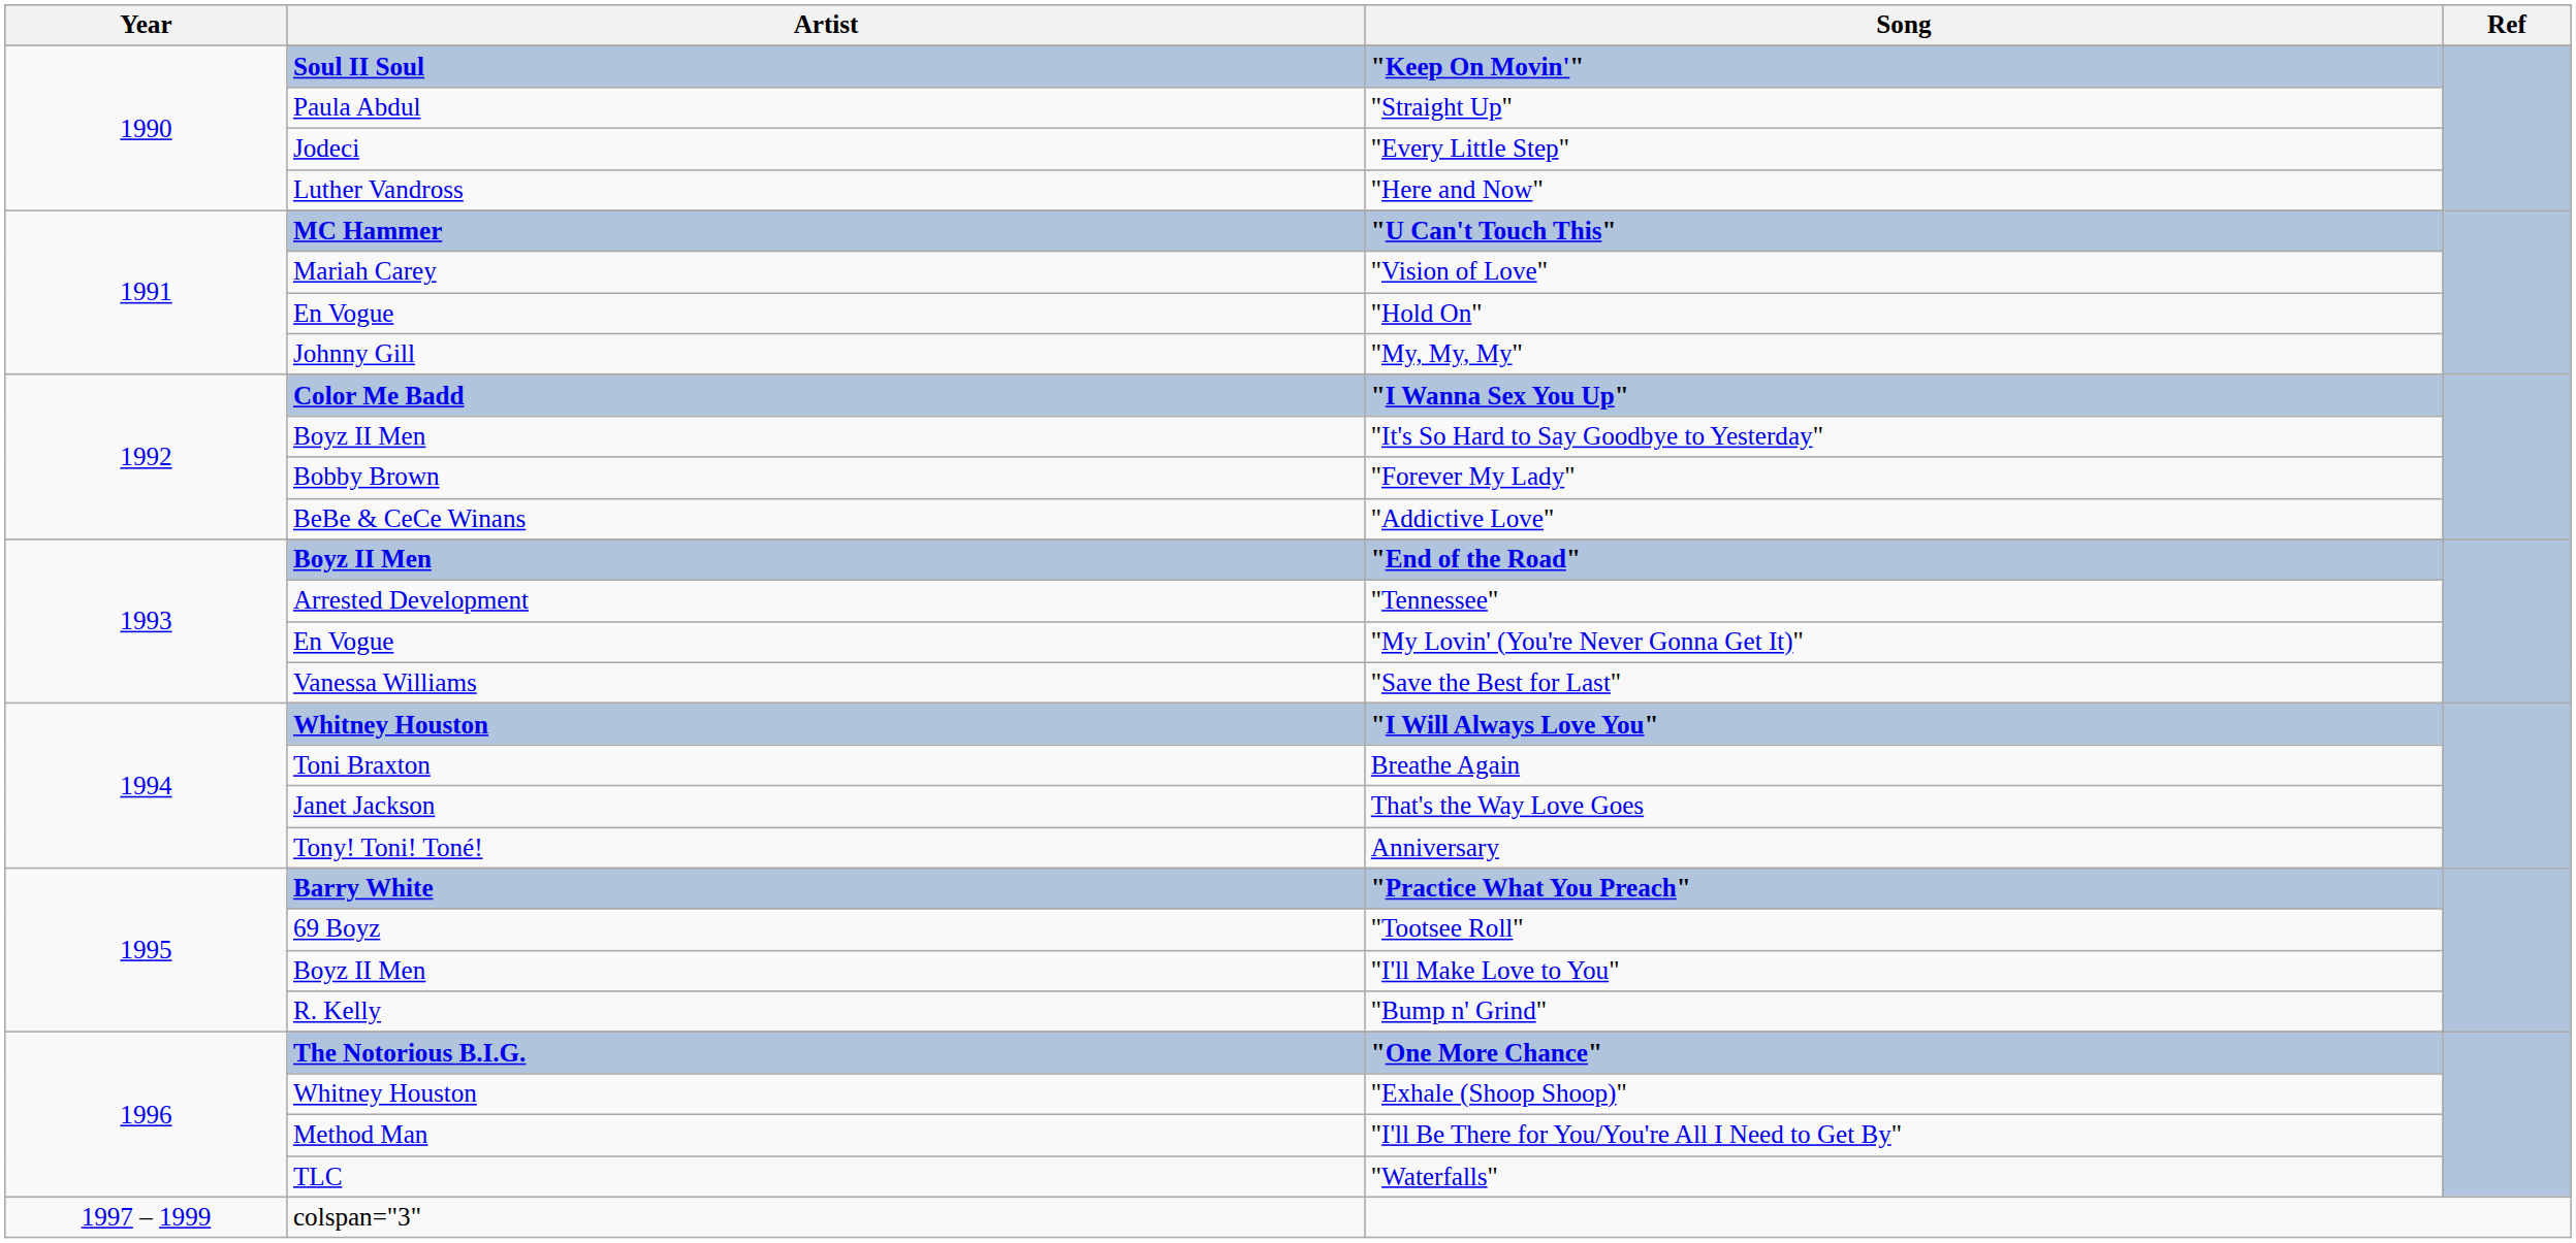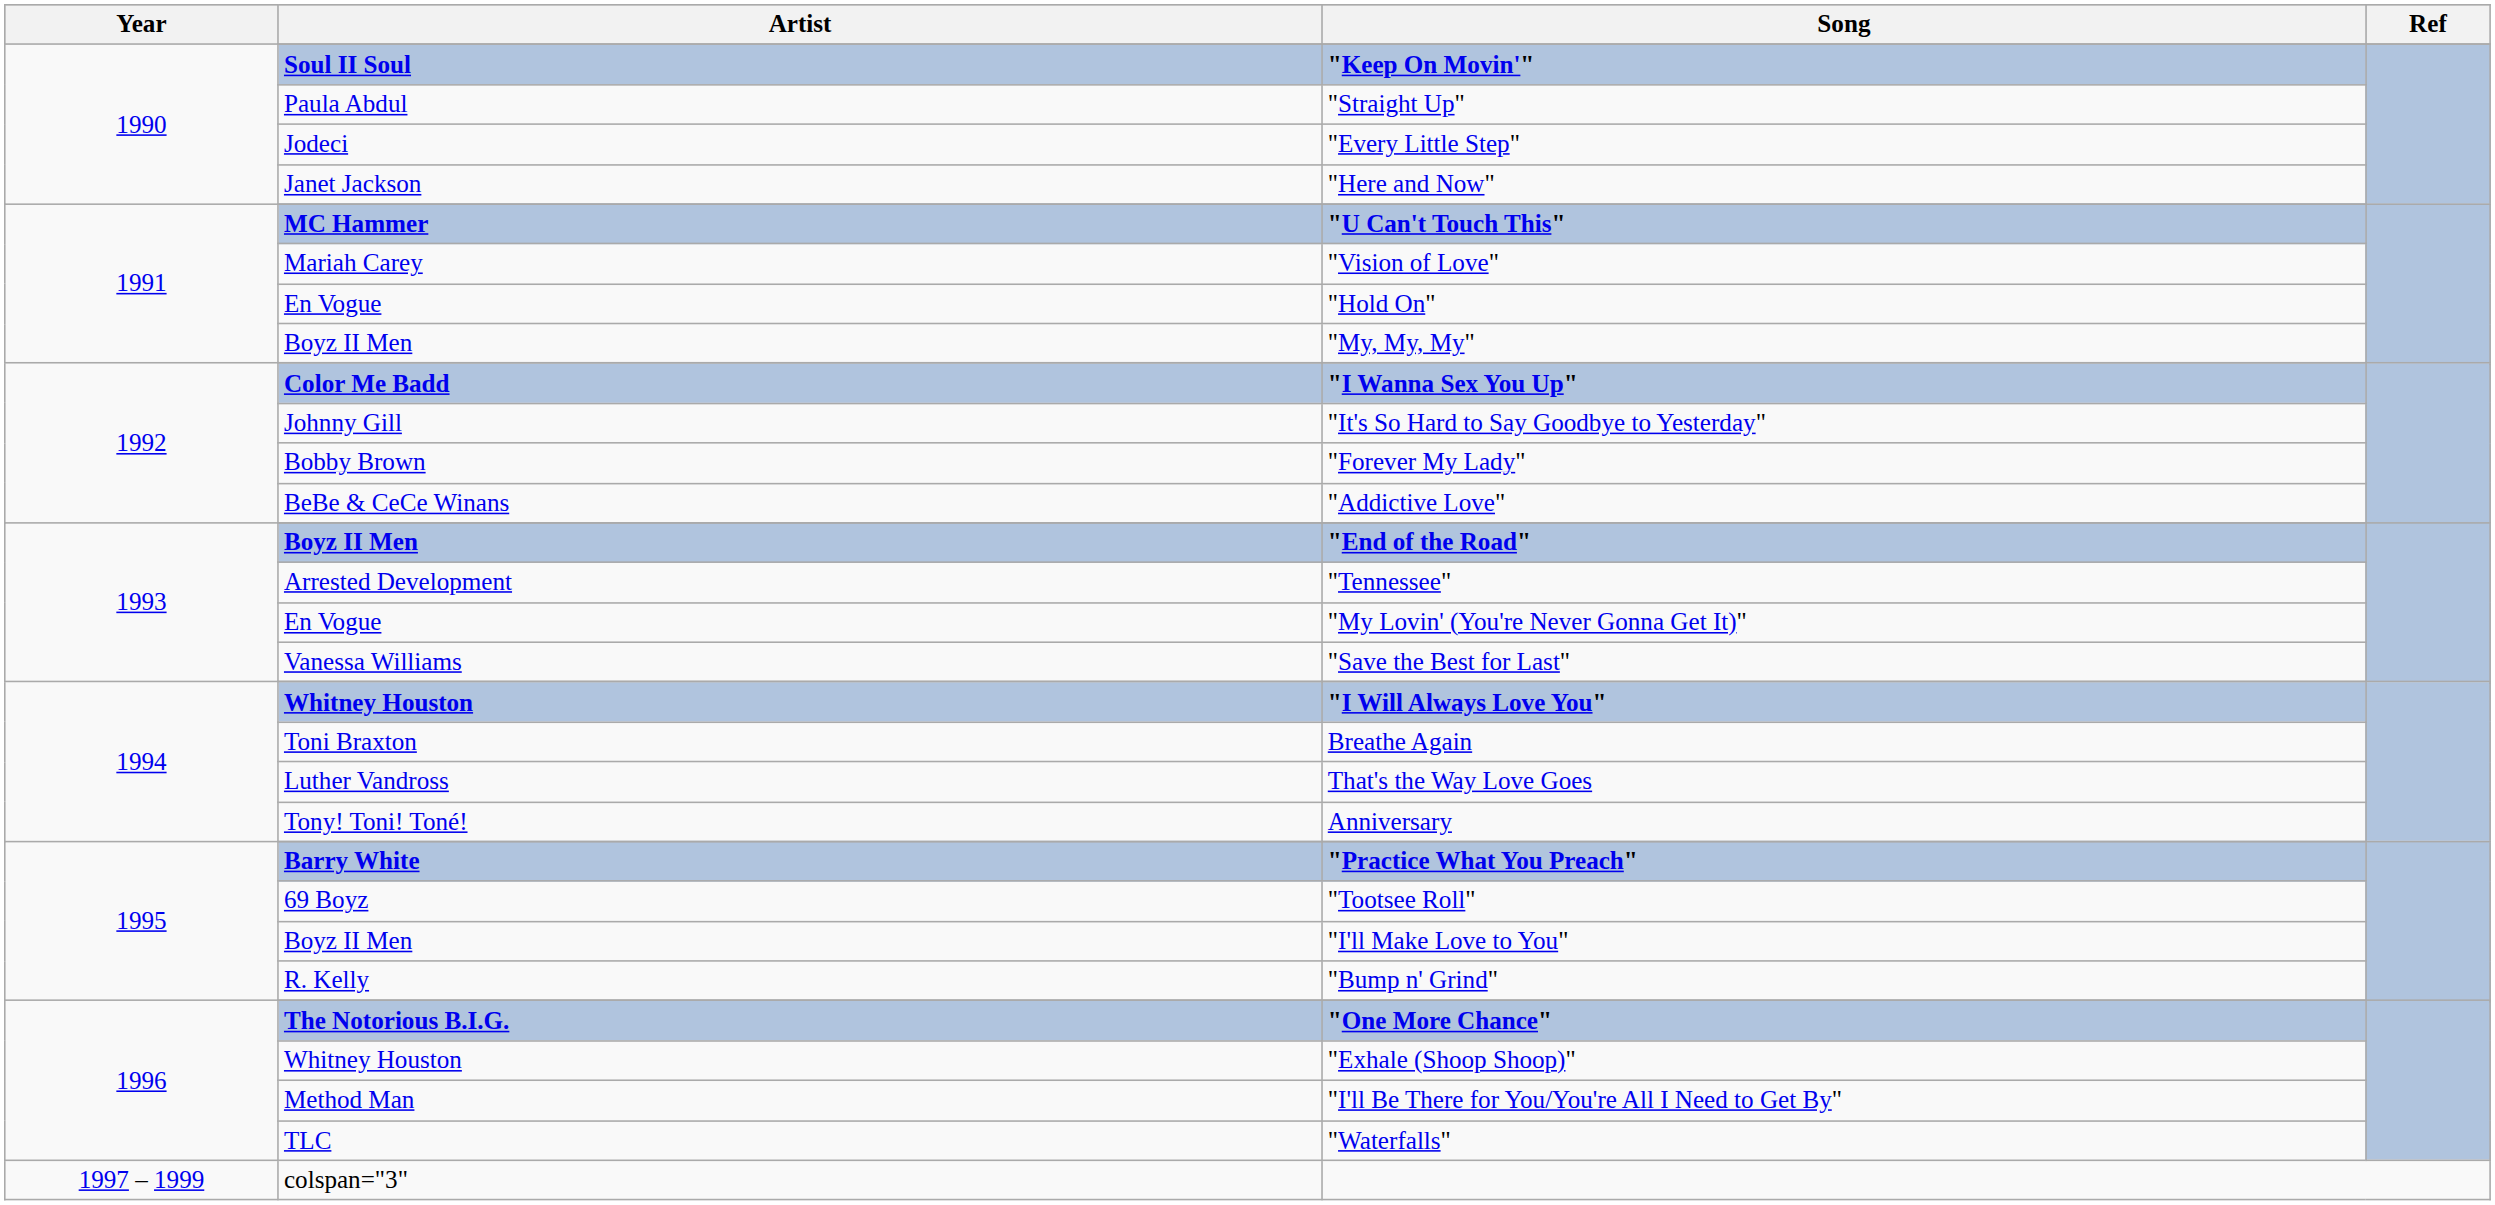 <table class="wikitable" style="width:100%;">
 <tr style="background:#bebebe;">
 <th style="width:11%;">Year</th>
 <th style="width:42%;">Artist</th>
 <th style="width:42%;">Song</th>
 <th style="width:5%;">Ref</th>
 </tr>
 <tr>
 <td rowspan="5" align="center"><a href='#'>1990</a></td>
 </tr>
 <tr style="background:#B0C4DE">
 <td><strong><a href='#'>Soul II Soul</a> </strong></td>
 <td><strong>"<a href='#'>Keep On Movin'</a>"</strong></td>
 <td rowspan="5" align="center"></td>
 </tr>
 <tr>
 <td><a href='#'>Paula Abdul</a></td>
 <td>"<a href='#'>Straight Up</a>"</td>
 </tr>
 <tr>
 <td><a href='#'>Jodeci</a></td>
 <td>"<a href='#'>Every Little Step</a>"</td>
 </tr>
 <tr>
-<td><a href='#'>Luther Vandross</a></td>
+<td><a href='#'>Janet Jackson</a></td>
 <td>"<a href='#'>Here and Now</a>"</td>
 </tr>
 <tr>
 <td rowspan="5" align="center"><a href='#'>1991</a></td>
 </tr>
 <tr style="background:#B0C4DE">
 <td><strong><a href='#'>MC Hammer</a></strong></td>
 <td><strong>"<a href='#'>U Can't Touch This</a>"</strong></td>
 <td rowspan="5" align="center"></td>
 </tr>
 <tr>
 <td><a href='#'>Mariah Carey</a></td>
 <td>"<a href='#'>Vision of Love</a>"</td>
 </tr>
 <tr>
 <td><a href='#'>En Vogue</a></td>
 <td>"<a href='#'>Hold On</a>"</td>
 </tr>
 <tr>
-<td><a href='#'>Johnny Gill</a></td>
+<td><a href='#'>Boyz II Men</a></td>
 <td>"<a href='#'>My, My, My</a>"</td>
 </tr>
 <tr>
 <td rowspan="5" align="center"><a href='#'>1992</a></td>
 </tr>
 <tr style="background:#B0C4DE">
 <td><strong><a href='#'>Color Me Badd</a></strong></td>
 <td><strong>"<a href='#'>I Wanna Sex You Up</a>"</strong></td>
 <td rowspan="5" align="center"></td>
 </tr>
 <tr>
-<td><a href='#'>Boyz II Men</a></td>
+<td><a href='#'>Johnny Gill</a></td>
 <td>"<a href='#'>It's So Hard to Say Goodbye to Yesterday</a>"</td>
 </tr>
 <tr>
 <td><a href='#'>Bobby Brown</a></td>
 <td>"<a href='#'>Forever My Lady</a>"</td>
 </tr>
 <tr>
 <td><a href='#'>BeBe & CeCe Winans</a></td>
 <td>"<a href='#'>Addictive Love</a>"</td>
 </tr>
 <tr>
 <td rowspan="5" align="center"><a href='#'>1993</a></td>
 </tr>
 <tr style="background:#B0C4DE">
 <td><strong><a href='#'>Boyz II Men</a></strong></td>
 <td><strong>"<a href='#'>End of the Road</a>"</strong></td>
 <td rowspan="5" align="center"></td>
 </tr>
 <tr>
 <td><a href='#'>Arrested Development</a></td>
 <td>"<a href='#'>Tennessee</a>"</td>
 </tr>
 <tr>
 <td><a href='#'>En Vogue</a></td>
 <td>"<a href='#'>My Lovin' (You're Never Gonna Get It)</a>"</td>
 </tr>
 <tr>
 <td><a href='#'>Vanessa Williams</a></td>
 <td>"<a href='#'>Save the Best for Last</a>"</td>
 </tr>
 <tr>
 <td rowspan="5" align="center"><a href='#'>1994</a></td>
 </tr>
 <tr style="background:#B0C4DE">
 <td><strong><a href='#'>Whitney Houston</a></strong></td>
 <td><strong>"<a href='#'>I Will Always Love You</a>"</strong></td>
 <td rowspan="5" align="center"></td>
 </tr>
 <tr>
 <td><a href='#'>Toni Braxton</a></td>
 <td><a href='#'>Breathe Again</a></td>
 </tr>
 <tr>
-<td><a href='#'>Janet Jackson</a></td>
+<td><a href='#'>Luther Vandross</a></td>
 <td><a href='#'>That's the Way Love Goes</a></td>
 </tr>
 <tr>
 <td><a href='#'>Tony! Toni! Toné!</a></td>
 <td><a href='#'>Anniversary</a></td>
 </tr>
 <tr>
 <td rowspan="5" align="center"><a href='#'>1995</a></td>
 </tr>
 <tr style="background:#B0C4DE">
 <td><strong><a href='#'>Barry White</a></strong></td>
 <td><strong>"<a href='#'>Practice What You Preach</a>"</strong></td>
 <td rowspan="5" align="center"></td>
 </tr>
 <tr>
 <td><a href='#'>69 Boyz</a></td>
 <td>"<a href='#'>Tootsee Roll</a>"</td>
 </tr>
 <tr>
 <td><a href='#'>Boyz II Men</a></td>
 <td>"<a href='#'>I'll Make Love to You</a>"</td>
 </tr>
 <tr>
 <td><a href='#'>R. Kelly</a></td>
 <td>"<a href='#'>Bump n' Grind</a>"</td>
 </tr>
 <tr>
 <td rowspan="5" align="center"><a href='#'>1996</a></td>
 </tr>
 <tr style="background:#B0C4DE">
 <td><strong><a href='#'>The Notorious B.I.G.</a> </strong></td>
 <td><strong>"<a href='#'>One More Chance</a>"</strong></td>
 <td rowspan="4" align="center"></td>
 </tr>
 <tr>
 <td><a href='#'>Whitney Houston</a></td>
 <td>"<a href='#'>Exhale (Shoop Shoop)</a>"</td>
 </tr>
 <tr>
 <td><a href='#'>Method Man</a> </td>
 <td>"<a href='#'>I'll Be There for You/You're All I Need to Get By</a>"</td>
 </tr>
 <tr>
 <td><a href='#'>TLC</a></td>
 <td>"<a href='#'>Waterfalls</a>"</td>
 </tr>
 <tr>
 <td align="center"><a href='#'>1997</a> – <a href='#'>1999</a></td>
 <td>colspan="3" </td>
 </tr>
 </table>
